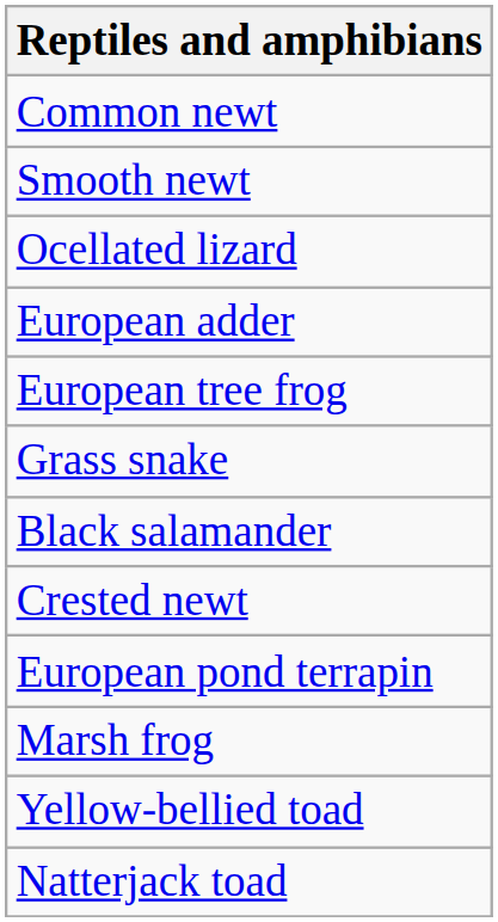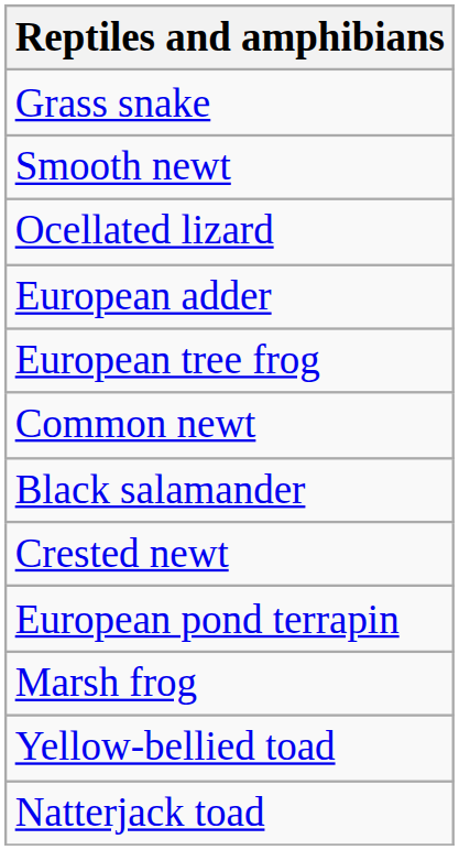 <table class="wikitable sortable mw-collapsible mw-collapsed">
 <tr>
 <th>Reptiles and amphibians</th>
 </tr>
 <tr>
-<td><a href='#'>Common newt</a></td>
+<td><a href='#'>Grass snake</a></td>
 </tr>
 <tr>
 <td><a href='#'>Smooth newt</a></td>
 </tr>
 <tr>
 <td><a href='#'>Ocellated lizard</a></td>
 </tr>
 <tr>
 <td><a href='#'>European adder</a></td>
 </tr>
 <tr>
 <td><a href='#'>European tree frog</a></td>
 </tr>
 <tr>
-<td><a href='#'>Grass snake</a></td>
+<td><a href='#'>Common newt</a></td>
 </tr>
 <tr>
 <td><a href='#'>Black salamander</a></td>
 </tr>
 <tr>
 <td><a href='#'>Crested newt</a></td>
 </tr>
 <tr>
 <td><a href='#'>European pond terrapin</a></td>
 </tr>
 <tr>
 <td><a href='#'>Marsh frog</a></td>
 </tr>
 <tr>
 <td><a href='#'>Yellow-bellied toad</a></td>
 </tr>
 <tr>
 <td><a href='#'>Natterjack toad</a></td>
 </tr>
 </table>
